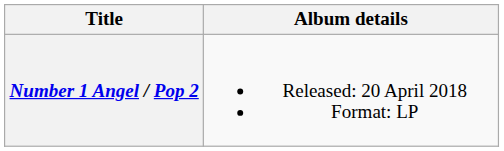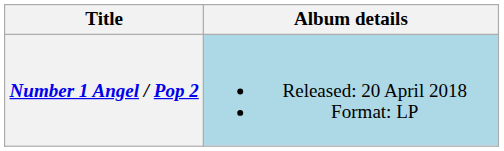 <table class="wikitable plainrowheaders" style="text-align:center;">
 <tr>
 <th scope="col" style="width:10em;">Title</th>
 <th scope="col" style="width:15em;">Album details</th>
 </tr>
 <tr>
 <th scope="row"><em><a href='#'>Number 1 Angel</a> / <a href='#'>Pop 2</a></em></th>
-<td><br><ul><li>Released: 20 April 2018</li><li>Format: LP</li></ul></td>
+<td style="background: lightblue;"><br><ul><li>Released: 20 April 2018</li><li>Format: LP</li></ul></td>
 </tr>
 </table>
